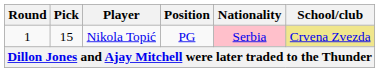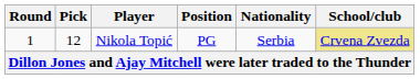 <table class="wikitable sortable sortable">
 <tr>
 <th>Round</th>
 <th>Pick</th>
 <th>Player</th>
 <th>Position</th>
 <th>Nationality</th>
 <th>School/club</th>
 </tr>
 <tr style="text-align: center">
 <td>1</td>
-<td>15</td>
+<td>12</td>
 <td><a href='#'>Nikola Topić</a></td>
 <td><a href='#'>PG</a></td>
-<td style="background: pink;"> <a href='#'>Serbia</a></td>
+<td> <a href='#'>Serbia</a></td>
 <td style="background: khaki;"><a href='#'>Crvena Zvezda</a></td>
 </tr>
 <tr>
 <th scope="row" colspan="6" style="text-align:center;”"><a href='#'>Dillon Jones</a> and <a href='#'>Ajay Mitchell</a> were later traded to the Thunder</th>
 </tr>
 </table>
